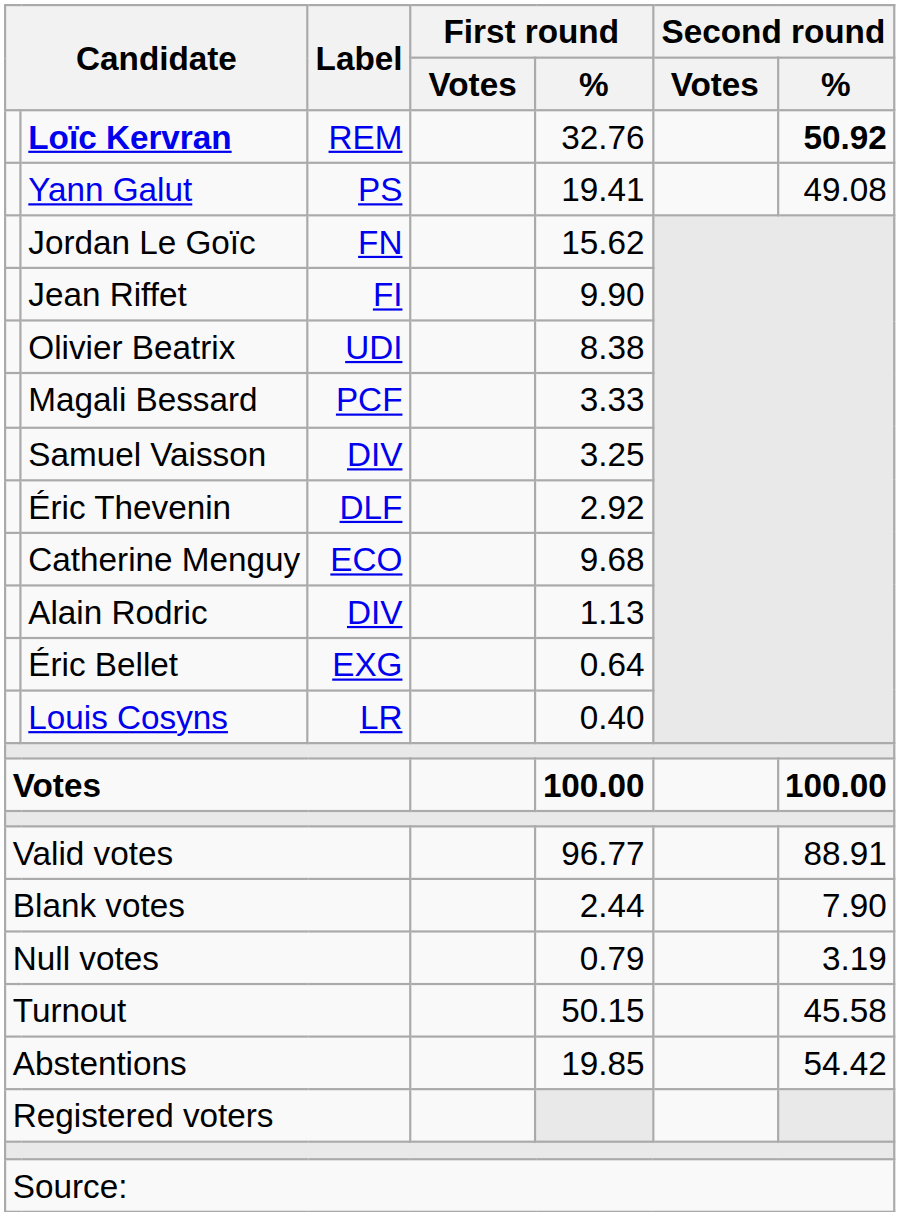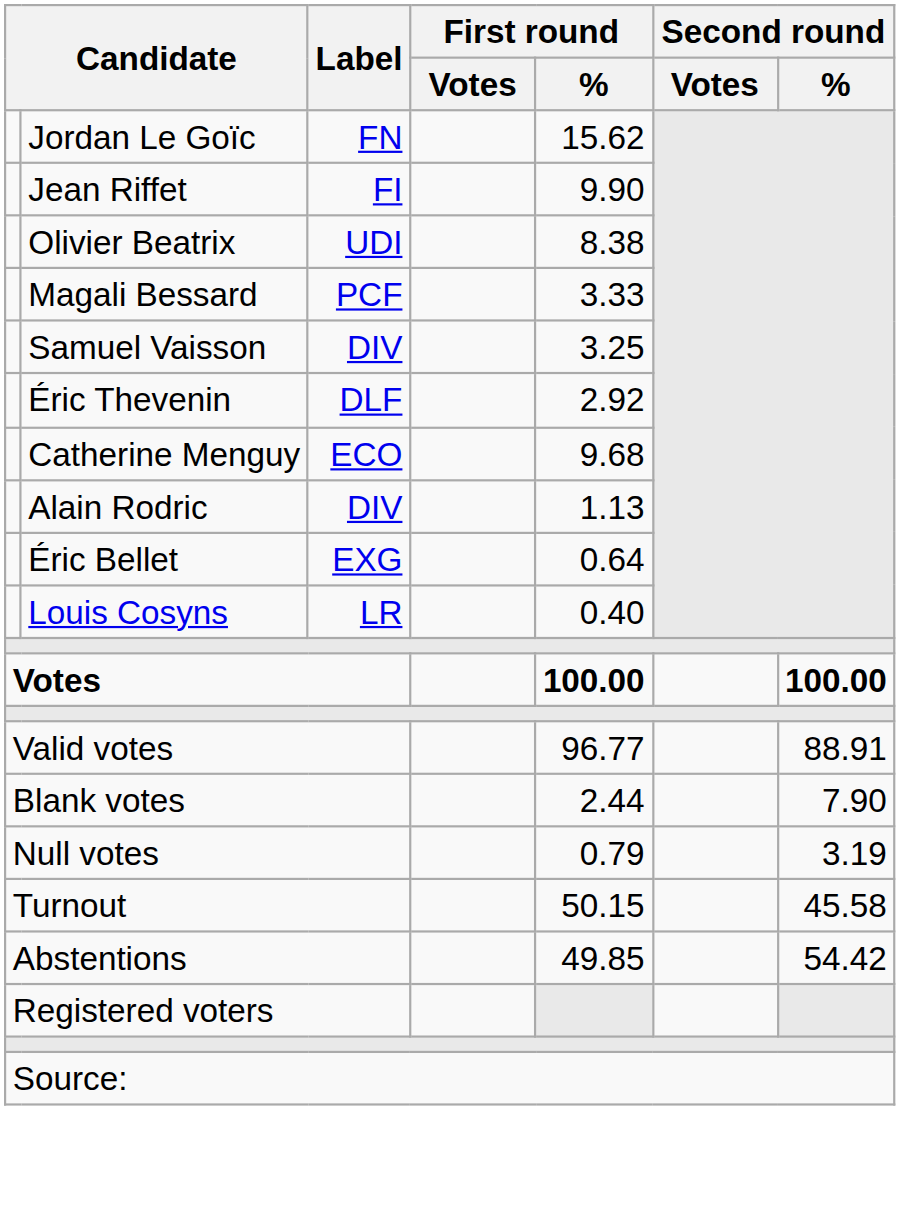 <table class="wikitable" style="text-align:right;font-size:95%;">
 <tr>
 <th rowspan="2" colspan="2">Candidate</th>
 <th rowspan="2">Label</th>
 <th colspan="2">First round</th>
 <th colspan="2">Second round</th>
 </tr>
 <tr>
 <th style="width:50px;">Votes</th>
 <th style="width:45px;">%</th>
 <th style="width:50px;">Votes</th>
 <th style="width:45px;">%</th>
-</tr>
-<tr>
-<td style="color:inherit;background:"></td>
-<td style="text-align:left;"><strong><a href='#'>Loïc Kervran</a></strong></td>
-<td><a href='#'>REM</a></td>
-<td></td>
-<td>32.76</td>
-<td><strong></strong></td>
-<td><strong>50.92</strong></td>
-</tr>
-<tr>
-<td style="color:inherit;background:"></td>
-<td style="text-align:left;"><a href='#'>Yann Galut</a></td>
-<td><a href='#'>PS</a></td>
-<td></td>
-<td>19.41</td>
-<td></td>
-<td>49.08</td>
 </tr>
 <tr>
 <td style="color:inherit;background:"></td>
 <td style="text-align:left;">Jordan Le Goïc</td>
 <td><a href='#'>FN</a></td>
 <td></td>
 <td>15.62</td>
 <td colspan="2" rowspan="10" style="background:#E9E9E9;"></td>
 </tr>
 <tr>
 <td style="color:inherit;background:"></td>
 <td style="text-align:left;">Jean Riffet</td>
 <td><a href='#'>FI</a></td>
 <td></td>
 <td>9.90</td>
 </tr>
 <tr>
 <td style="color:inherit;background:"></td>
 <td style="text-align:left;">Olivier Beatrix</td>
 <td><a href='#'>UDI</a></td>
 <td></td>
 <td>8.38</td>
 </tr>
 <tr>
 <td style="color:inherit;background:"></td>
 <td style="text-align:left;">Magali Bessard</td>
 <td><a href='#'>PCF</a></td>
 <td></td>
 <td>3.33</td>
 </tr>
 <tr>
 <td style="color:inherit;background:"></td>
 <td style="text-align:left;">Samuel Vaisson</td>
 <td><a href='#'>DIV</a></td>
 <td></td>
 <td>3.25</td>
 </tr>
 <tr>
 <td style="color:inherit;background:"></td>
 <td style="text-align:left;">Éric Thevenin</td>
 <td><a href='#'>DLF</a></td>
 <td></td>
 <td>2.92</td>
 </tr>
 <tr>
 <td style="color:inherit;background:"></td>
 <td style="text-align:left;">Catherine Menguy</td>
 <td><a href='#'>ECO</a></td>
 <td></td>
 <td>9.68</td>
 </tr>
 <tr>
 <td style="color:inherit;background:"></td>
 <td style="text-align:left;">Alain Rodric</td>
 <td><a href='#'>DIV</a></td>
 <td></td>
 <td>1.13</td>
 </tr>
 <tr>
 <td style="color:inherit;background:"></td>
 <td style="text-align:left;">Éric Bellet</td>
 <td><a href='#'>EXG</a></td>
 <td></td>
 <td>0.64</td>
 </tr>
 <tr>
 <td style="color:inherit;background:"></td>
 <td style="text-align:left;"><a href='#'>Louis Cosyns</a></td>
 <td><a href='#'>LR</a></td>
 <td></td>
 <td>0.40</td>
 </tr>
 <tr>
 <td colspan="7" style="background:#E9E9E9;"></td>
 </tr>
 <tr style="font-weight:bold;">
 <td colspan="3" style="text-align:left;">Votes</td>
 <td></td>
 <td>100.00</td>
 <td></td>
 <td>100.00</td>
 </tr>
 <tr>
 <td colspan="7" style="background:#E9E9E9;"></td>
 </tr>
 <tr>
 <td colspan="3" style="text-align:left;">Valid votes</td>
 <td></td>
 <td>96.77</td>
 <td></td>
 <td>88.91</td>
 </tr>
 <tr>
 <td colspan="3" style="text-align:left;">Blank votes</td>
 <td></td>
 <td>2.44</td>
 <td></td>
 <td>7.90</td>
 </tr>
 <tr>
 <td colspan="3" style="text-align:left;">Null votes</td>
 <td></td>
 <td>0.79</td>
 <td></td>
 <td>3.19</td>
 </tr>
 <tr>
 <td colspan="3" style="text-align:left;">Turnout</td>
 <td></td>
 <td>50.15</td>
 <td></td>
 <td>45.58</td>
 </tr>
 <tr>
 <td colspan="3" style="text-align:left;">Abstentions</td>
 <td></td>
-<td>19.85</td>
+<td>49.85</td>
 <td></td>
 <td>54.42</td>
 </tr>
 <tr>
 <td colspan="3" style="text-align:left;">Registered voters</td>
 <td></td>
 <td style="color:inherit;background:#E9E9E9;"></td>
 <td></td>
 <td style="color:inherit;background:#E9E9E9;"></td>
 </tr>
 <tr>
 <td colspan="7" style="background:#E9E9E9;"></td>
 </tr>
 <tr>
 <td colspan="7" style="text-align:left;">Source: </td>
 </tr>
 </table>
